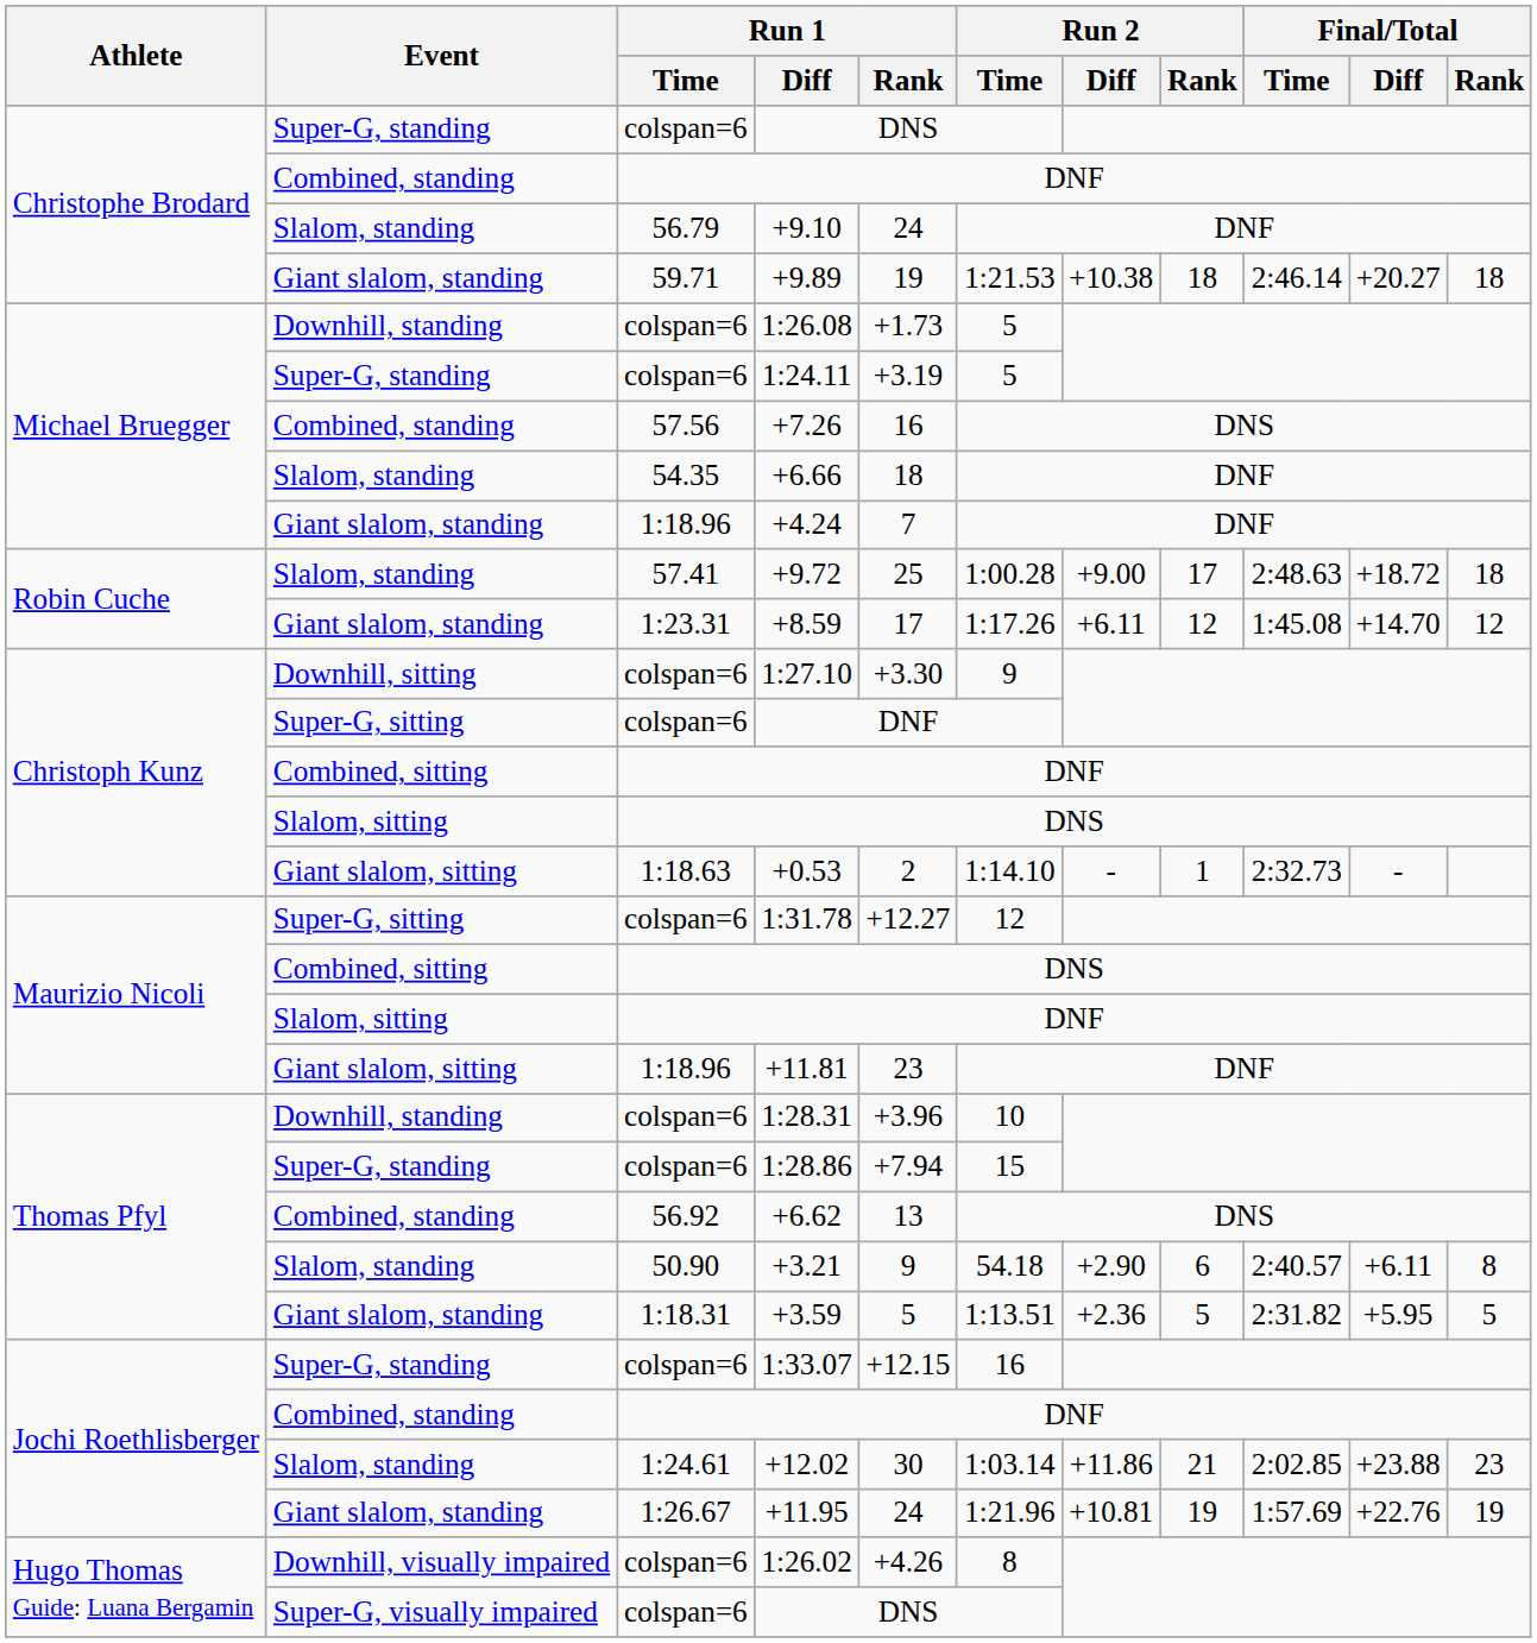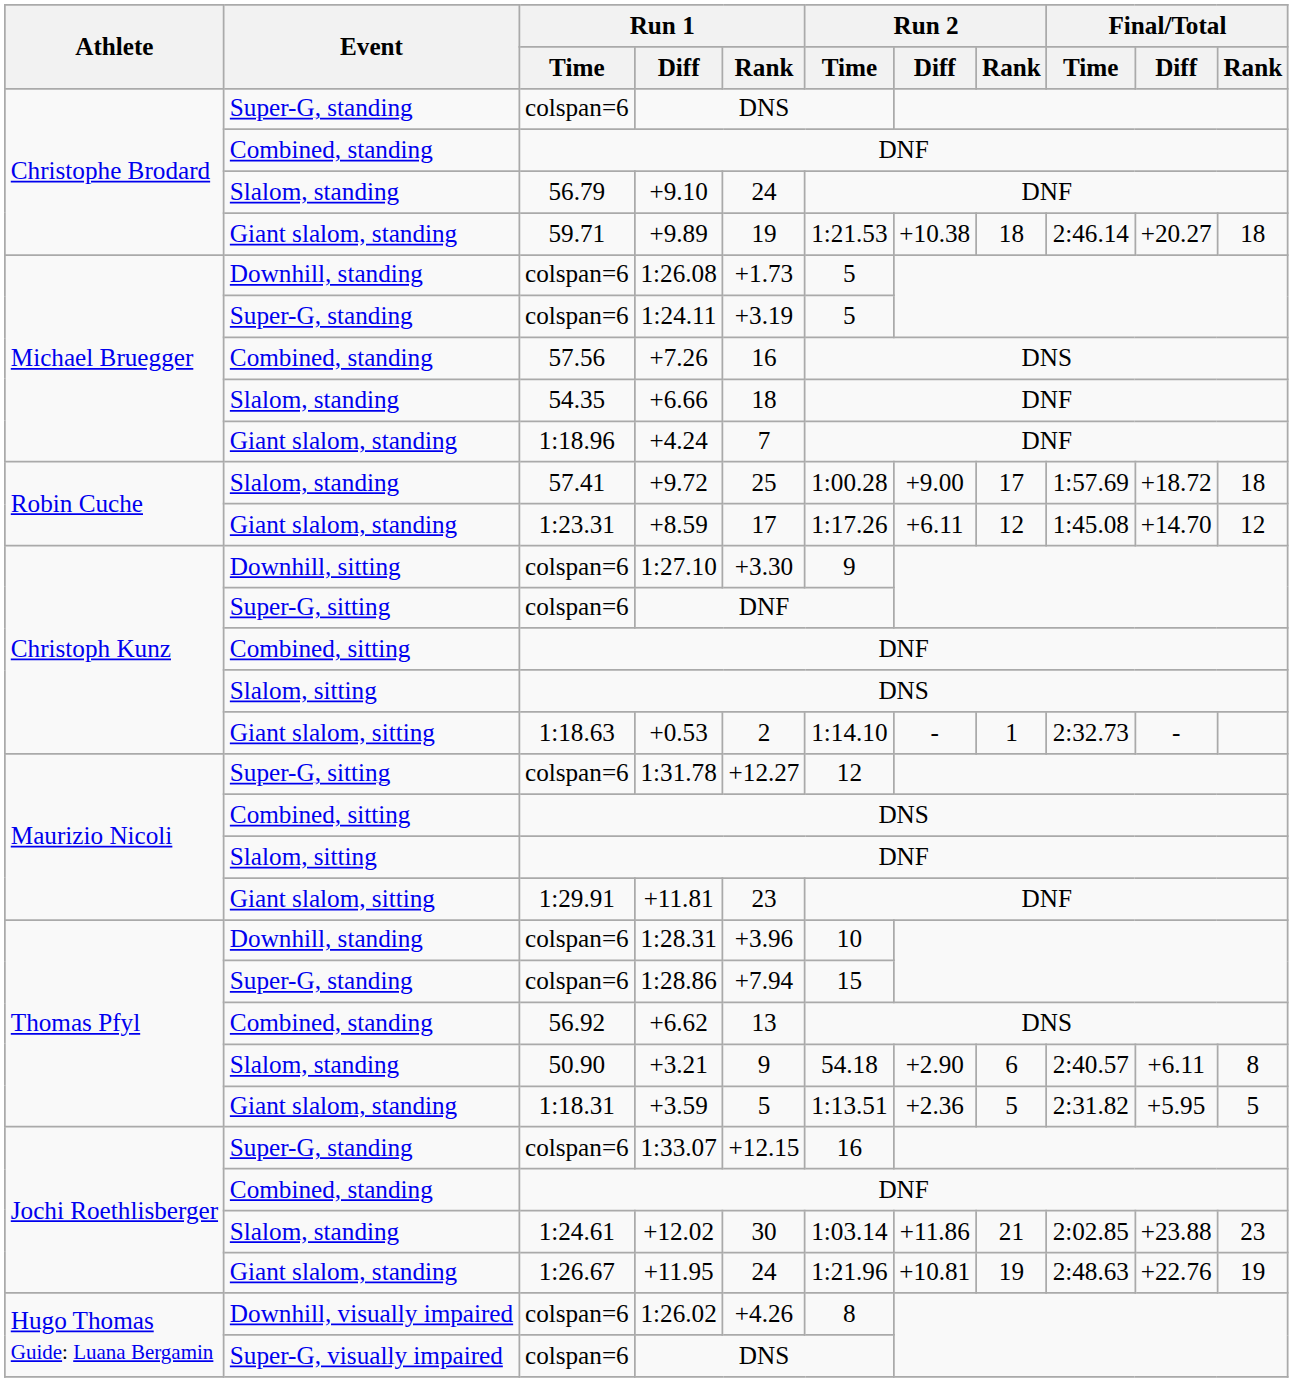 <table class="wikitable" style="font-size:90%">
 <tr>
 <th rowspan="2">Athlete</th>
 <th rowspan="2">Event</th>
 <th colspan="3">Run 1</th>
 <th colspan="3">Run 2</th>
 <th colspan="3">Final/Total</th>
 </tr>
 <tr>
 <th>Time</th>
 <th>Diff</th>
 <th>Rank</th>
 <th>Time</th>
 <th>Diff</th>
 <th>Rank</th>
 <th>Time</th>
 <th>Diff</th>
 <th>Rank</th>
 </tr>
 <tr>
 <td rowspan=4><a href='#'>Christophe Brodard</a></td>
 <td><a href='#'>Super-G, standing</a></td>
 <td>colspan=6 </td>
 <td align="center" colspan=3>DNS</td>
 </tr>
 <tr>
 <td><a href='#'>Combined, standing</a></td>
 <td align="center" colspan=9>DNF</td>
 </tr>
 <tr>
 <td><a href='#'>Slalom, standing</a></td>
 <td align="center">56.79</td>
 <td align="center">+9.10</td>
 <td align="center">24</td>
 <td align="center" colspan=6>DNF</td>
 </tr>
 <tr>
 <td><a href='#'>Giant slalom, standing</a></td>
 <td align="center">59.71</td>
 <td align="center">+9.89</td>
 <td align="center">19</td>
 <td align="center">1:21.53</td>
 <td align="center">+10.38</td>
 <td align="center">18</td>
 <td align="center">2:46.14</td>
 <td align="center">+20.27</td>
 <td align="center">18</td>
 </tr>
 <tr>
 <td rowspan=5><a href='#'>Michael Bruegger</a></td>
 <td><a href='#'>Downhill, standing</a></td>
 <td>colspan=6 </td>
 <td align="center">1:26.08</td>
 <td align="center">+1.73</td>
 <td align="center">5</td>
 </tr>
 <tr>
 <td><a href='#'>Super-G, standing</a></td>
 <td>colspan=6 </td>
 <td align="center">1:24.11</td>
 <td align="center">+3.19</td>
 <td align="center">5</td>
 </tr>
 <tr>
 <td><a href='#'>Combined, standing</a></td>
 <td align="center">57.56</td>
 <td align="center">+7.26</td>
 <td align="center">16</td>
 <td align="center" colspan=6>DNS</td>
 </tr>
 <tr>
 <td><a href='#'>Slalom, standing</a></td>
 <td align="center">54.35</td>
 <td align="center">+6.66</td>
 <td align="center">18</td>
 <td align="center" colspan=6>DNF</td>
 </tr>
 <tr>
 <td><a href='#'>Giant slalom, standing</a></td>
 <td align="center">1:18.96</td>
 <td align="center">+4.24</td>
 <td align="center">7</td>
 <td align="center" colspan=6>DNF</td>
 </tr>
 <tr>
 <td rowspan=2><a href='#'>Robin Cuche</a></td>
 <td><a href='#'>Slalom, standing</a></td>
 <td align="center">57.41</td>
 <td align="center">+9.72</td>
 <td align="center">25</td>
 <td align="center">1:00.28</td>
 <td align="center">+9.00</td>
 <td align="center">17</td>
-<td align="center">2:48.63</td>
+<td align="center">1:57.69</td>
 <td align="center">+18.72</td>
 <td align="center">18</td>
 </tr>
 <tr>
 <td><a href='#'>Giant slalom, standing</a></td>
 <td align="center">1:23.31</td>
 <td align="center">+8.59</td>
 <td align="center">17</td>
 <td align="center">1:17.26</td>
 <td align="center">+6.11</td>
 <td align="center">12</td>
 <td align="center">1:45.08</td>
 <td align="center">+14.70</td>
 <td align="center">12</td>
 </tr>
 <tr>
 <td rowspan=5><a href='#'>Christoph Kunz</a></td>
 <td><a href='#'>Downhill, sitting</a></td>
 <td>colspan=6 </td>
 <td align="center">1:27.10</td>
 <td align="center">+3.30</td>
 <td align="center">9</td>
 </tr>
 <tr>
 <td><a href='#'>Super-G, sitting</a></td>
 <td>colspan=6 </td>
 <td align="center" colspan=3>DNF</td>
 </tr>
 <tr>
 <td><a href='#'>Combined, sitting</a></td>
 <td align="center" colspan=9>DNF</td>
 </tr>
 <tr>
 <td><a href='#'>Slalom, sitting</a></td>
 <td align="center" colspan=9>DNS</td>
 </tr>
 <tr>
 <td><a href='#'>Giant slalom, sitting</a></td>
 <td align="center">1:18.63</td>
 <td align="center">+0.53</td>
 <td align="center">2</td>
 <td align="center">1:14.10</td>
 <td align="center">-</td>
 <td align="center">1</td>
 <td align="center">2:32.73</td>
 <td align="center">-</td>
 <td align="center"></td>
 </tr>
 <tr>
 <td rowspan=4><a href='#'>Maurizio Nicoli</a></td>
 <td><a href='#'>Super-G, sitting</a></td>
 <td>colspan=6 </td>
 <td align="center">1:31.78</td>
 <td align="center">+12.27</td>
 <td align="center">12</td>
 </tr>
 <tr>
 <td><a href='#'>Combined, sitting</a></td>
 <td align="center" colspan=9>DNS</td>
 </tr>
 <tr>
 <td><a href='#'>Slalom, sitting</a></td>
 <td align="center" colspan=9>DNF</td>
 </tr>
 <tr>
 <td><a href='#'>Giant slalom, sitting</a></td>
-<td align="center">1:18.96</td>
+<td align="center">1:29.91</td>
 <td align="center">+11.81</td>
 <td align="center">23</td>
 <td align="center" colspan=6>DNF</td>
 </tr>
 <tr>
 <td rowspan=5><a href='#'>Thomas Pfyl</a></td>
 <td><a href='#'>Downhill, standing</a></td>
 <td>colspan=6 </td>
 <td align="center">1:28.31</td>
 <td align="center">+3.96</td>
 <td align="center">10</td>
 </tr>
 <tr>
 <td><a href='#'>Super-G, standing</a></td>
 <td>colspan=6 </td>
 <td align="center">1:28.86</td>
 <td align="center">+7.94</td>
 <td align="center">15</td>
 </tr>
 <tr>
 <td><a href='#'>Combined, standing</a></td>
 <td align="center">56.92</td>
 <td align="center">+6.62</td>
 <td align="center">13</td>
 <td align="center" colspan=6>DNS</td>
 </tr>
 <tr>
 <td><a href='#'>Slalom, standing</a></td>
 <td align="center">50.90</td>
 <td align="center">+3.21</td>
 <td align="center">9</td>
 <td align="center">54.18</td>
 <td align="center">+2.90</td>
 <td align="center">6</td>
 <td align="center">2:40.57</td>
 <td align="center">+6.11</td>
 <td align="center">8</td>
 </tr>
 <tr>
 <td><a href='#'>Giant slalom, standing</a></td>
 <td align="center">1:18.31</td>
 <td align="center">+3.59</td>
 <td align="center">5</td>
 <td align="center">1:13.51</td>
 <td align="center">+2.36</td>
 <td align="center">5</td>
 <td align="center">2:31.82</td>
 <td align="center">+5.95</td>
 <td align="center">5</td>
 </tr>
 <tr>
 <td rowspan=4><a href='#'>Jochi Roethlisberger</a></td>
 <td><a href='#'>Super-G, standing</a></td>
 <td>colspan=6 </td>
 <td align="center">1:33.07</td>
 <td align="center">+12.15</td>
 <td align="center">16</td>
 </tr>
 <tr>
 <td><a href='#'>Combined, standing</a></td>
 <td align="center" colspan=9>DNF</td>
 </tr>
 <tr>
 <td><a href='#'>Slalom, standing</a></td>
 <td align="center">1:24.61</td>
 <td align="center">+12.02</td>
 <td align="center">30</td>
 <td align="center">1:03.14</td>
 <td align="center">+11.86</td>
 <td align="center">21</td>
 <td align="center">2:02.85</td>
 <td align="center">+23.88</td>
 <td align="center">23</td>
 </tr>
 <tr>
 <td><a href='#'>Giant slalom, standing</a></td>
 <td align="center">1:26.67</td>
 <td align="center">+11.95</td>
 <td align="center">24</td>
 <td align="center">1:21.96</td>
 <td align="center">+10.81</td>
 <td align="center">19</td>
-<td align="center">1:57.69</td>
+<td align="center">2:48.63</td>
 <td align="center">+22.76</td>
 <td align="center">19</td>
 </tr>
 <tr>
 <td rowspan=4><a href='#'>Hugo Thomas</a><br><small><a href='#'>Guide</a>: <a href='#'>Luana Bergamin</a></small></td>
 <td><a href='#'>Downhill, visually impaired</a></td>
 <td>colspan=6 </td>
 <td align="center">1:26.02</td>
 <td align="center">+4.26</td>
 <td align="center">8</td>
 </tr>
 <tr>
 <td><a href='#'>Super-G, visually impaired</a></td>
 <td>colspan=6 </td>
 <td align="center" colspan=3>DNS</td>
 </tr>
 </table>
